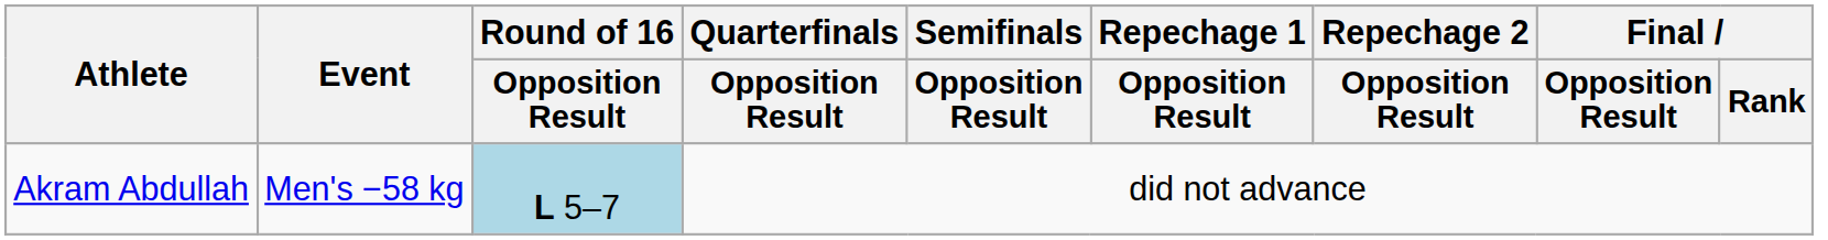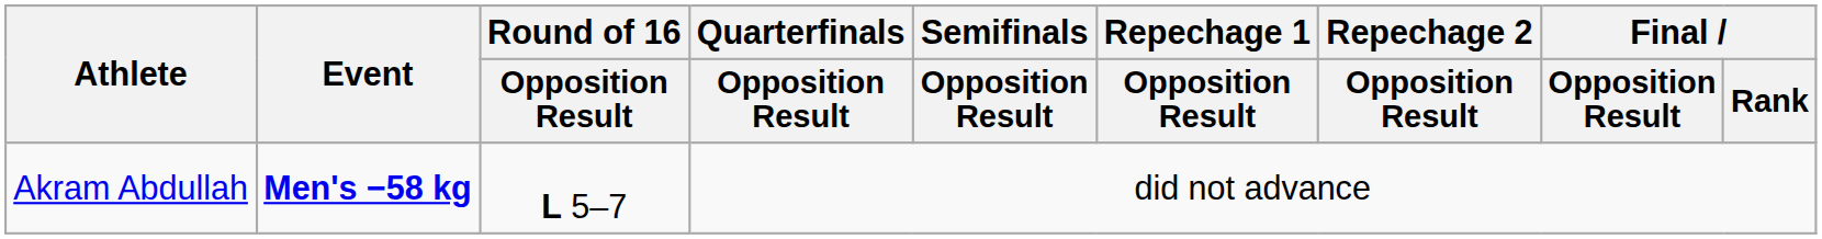 <table class="wikitable" style="font-size:90%;">
 <tr>
 <th rowspan=2>Athlete</th>
 <th rowspan=2>Event</th>
 <th>Round of 16</th>
 <th>Quarterfinals</th>
 <th>Semifinals</th>
 <th>Repechage 1</th>
 <th>Repechage 2</th>
 <th colspan=2>Final / </th>
 </tr>
 <tr style="font-size:95%">
 <th>Opposition<br>Result</th>
 <th>Opposition<br>Result</th>
 <th>Opposition<br>Result</th>
 <th>Opposition<br>Result</th>
 <th>Opposition<br>Result</th>
 <th>Opposition<br>Result</th>
 <th>Rank</th>
 </tr>
 <tr align=center>
 <td align=left><a href='#'>Akram Abdullah</a></td>
-<td align=left><a href='#'>Men's −58 kg</a></td>
-<td style="background: lightblue;"><br><strong>L</strong> 5–7</td>
+<td align=left><strong><a href='#'>Men's −58 kg</a></strong></td>
+<td><br><strong>L</strong> 5–7</td>
 <td colspan=6>did not advance</td>
 </tr>
 </table>
